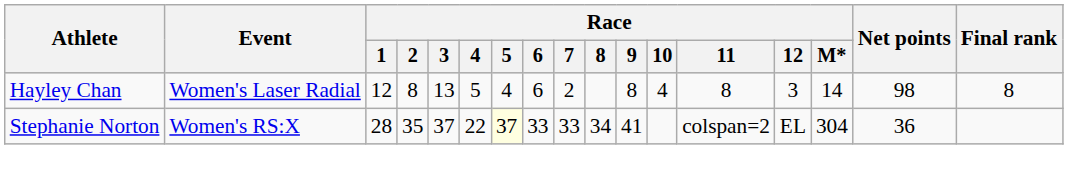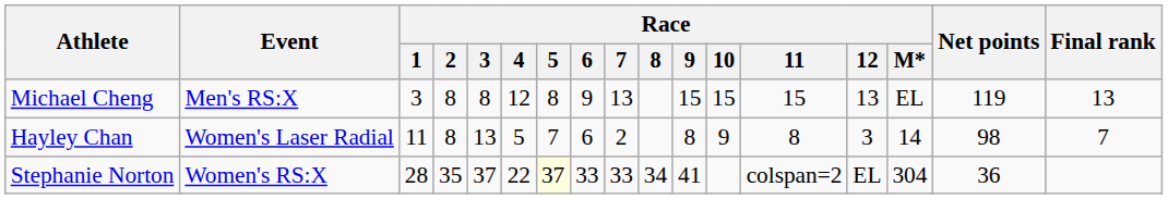 <table class="wikitable" style="font-size:90%">
 <tr>
 <th rowspan="2">Athlete</th>
 <th rowspan="2">Event</th>
 <th colspan=13>Race</th>
 <th rowspan=2>Net points</th>
 <th rowspan=2>Final rank</th>
 </tr>
 <tr style="font-size:95%">
 <th>1</th>
 <th>2</th>
 <th>3</th>
 <th>4</th>
 <th>5</th>
 <th>6</th>
 <th>7</th>
 <th>8</th>
 <th>9</th>
 <th>10</th>
 <th>11</th>
 <th>12</th>
 <th>M*</th>
 </tr>
 <tr align=center>
+<td align=left><a href='#'>Michael Cheng</a></td>
+<td align=left><a href='#'>Men's RS:X</a></td>
+<td>3</td>
+<td>8</td>
+<td>8</td>
+<td>12</td>
+<td>8</td>
+<td>9</td>
+<td>13</td>
+<td></td>
+<td>15</td>
+<td>15</td>
+<td>15</td>
+<td>13</td>
+<td>EL</td>
+<td>119</td>
+<td>13</td>
+</tr>
+<tr align=center>
 <td align=left><a href='#'>Hayley Chan</a></td>
 <td align=left><a href='#'>Women's Laser Radial</a></td>
-<td>12</td>
+<td>11</td>
 <td>8</td>
 <td>13</td>
 <td>5</td>
-<td>4</td>
+<td>7</td>
 <td>6</td>
 <td>2</td>
 <td></td>
 <td>8</td>
-<td>4</td>
+<td>9</td>
 <td>8</td>
 <td>3</td>
 <td>14</td>
 <td>98</td>
-<td>8</td>
+<td>7</td>
 </tr>
 <tr align=center>
 <td align=left><a href='#'>Stephanie Norton</a></td>
 <td align=left><a href='#'>Women's RS:X</a></td>
 <td>28</td>
 <td>35</td>
 <td>37</td>
 <td>22</td>
 <td style="background: lightyellow;">37</td>
 <td>33</td>
 <td>33</td>
 <td>34</td>
 <td>41</td>
 <td></td>
 <td>colspan=2 </td>
 <td>EL</td>
 <td>304</td>
 <td>36</td>
 </tr>
 </table>
